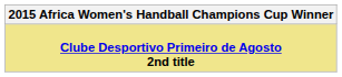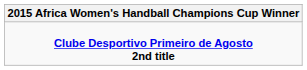 <table class=wikitable style="text-align:center; margin:auto">
 <tr>
 <th>2015 Africa Women's Handball Champions Cup Winner</th>
 </tr>
 <tr>
-<td style="background: khaki;"><br><strong><a href='#'>Clube Desportivo Primeiro de Agosto</a></strong><br><strong>2nd title</strong></td>
+<td><br><strong><a href='#'>Clube Desportivo Primeiro de Agosto</a></strong><br><strong>2nd title</strong></td>
 </tr>
 </table>
